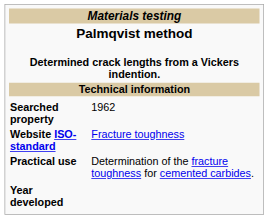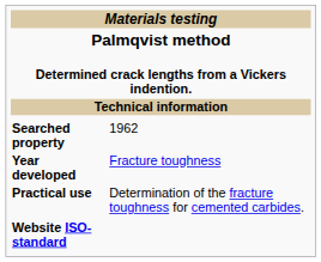 <table class="infobox" style="font-size:90%;width:24em;">
 <tr>
 <th style="font-size:110%;text-align:center;;background:#DACAA5;" colspan="2"><em>Materials testing</em></th>
 </tr>
 <tr>
 <th colspan="2" style="font-size:125%;text-align:center;">Palmqvist method</th>
 </tr>
 <tr>
 <th colspan="2"> <br> <span>Determined crack lengths from a Vickers indention.</span></th>
 </tr>
 <tr>
 <th style="background:#DACAA5;" colspan="2">Technical information</th>
 </tr>
 <tr>
 <td></td>
 </tr>
 <tr>
 <td><strong>Searched property</strong></td>
 <td>1962</td>
 </tr>
 <tr>
-<td><strong>Website <a href='#'>ISO-standard</a></strong></td>
+<td><strong>Year developed</strong></td>
 <td><a href='#'>Fracture toughness</a></td>
 </tr>
 <tr>
 <td><strong>Practical use</strong></td>
 <td>Determination of the <a href='#'>fracture toughness</a> for <a href='#'>cemented carbides</a>.</td>
 </tr>
 <tr>
 </tr>
 <tr>
-<td><strong>Year developed</strong></td>
+<td><strong>Website <a href='#'>ISO-standard</a></strong></td>
 <td></td>
 </tr>
 <tr>
 </tr>
 </table>
